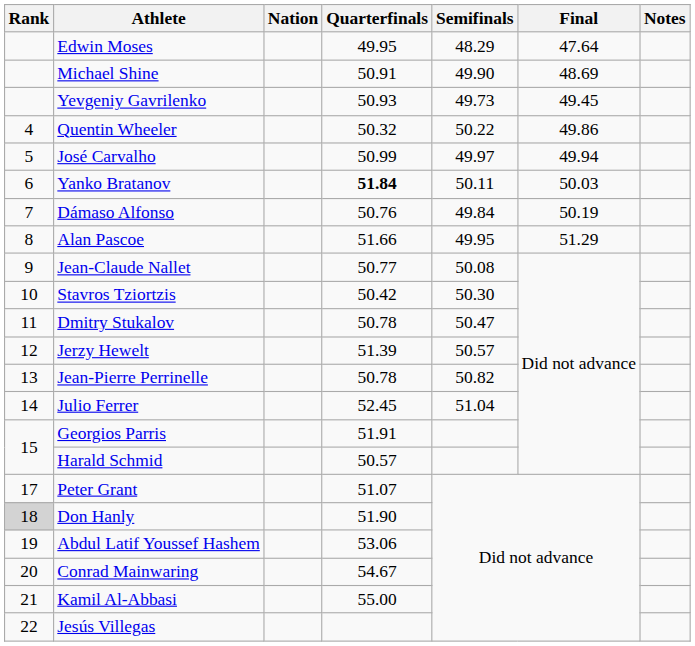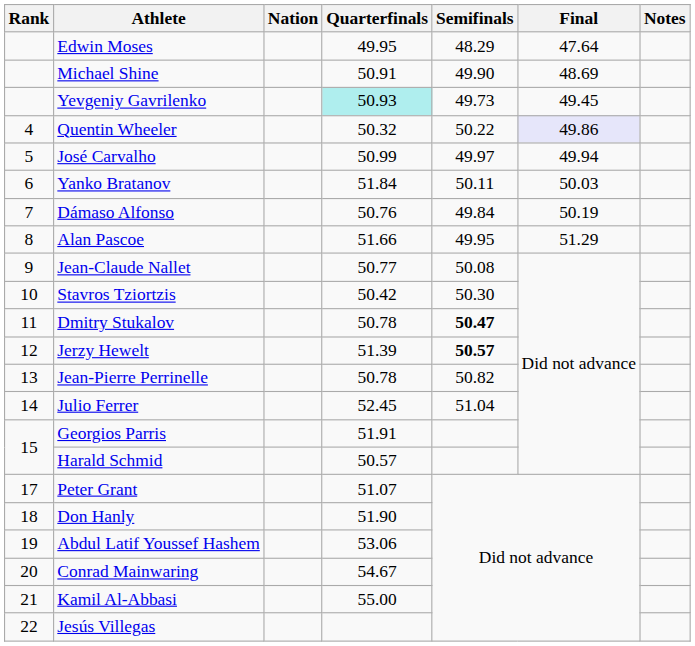 <table class="wikitable sortable" style="text-align:center">
 <tr>
 <th>Rank</th>
 <th>Athlete</th>
 <th>Nation</th>
 <th>Quarterfinals</th>
 <th>Semifinals</th>
 <th>Final</th>
 <th>Notes</th>
 </tr>
 <tr>
 <td></td>
 <td align=left><a href='#'>Edwin Moses</a></td>
 <td align=left></td>
 <td>49.95</td>
 <td>48.29</td>
 <td>47.64</td>
 <td></td>
 </tr>
 <tr>
 <td></td>
 <td align=left><a href='#'>Michael Shine</a></td>
 <td align=left></td>
 <td>50.91</td>
 <td>49.90</td>
 <td>48.69</td>
 <td></td>
 </tr>
 <tr>
 <td></td>
 <td align=left><a href='#'>Yevgeniy Gavrilenko</a></td>
 <td align=left></td>
-<td>50.93</td>
+<td style="background: paleturquoise;">50.93</td>
 <td>49.73</td>
 <td>49.45</td>
 <td></td>
 </tr>
 <tr>
 <td>4</td>
 <td align=left><a href='#'>Quentin Wheeler</a></td>
 <td align=left></td>
 <td>50.32</td>
 <td>50.22</td>
-<td>49.86</td>
+<td style="background: lavender;">49.86</td>
 <td></td>
 </tr>
 <tr>
 <td>5</td>
 <td align=left><a href='#'>José Carvalho</a></td>
 <td align=left></td>
 <td>50.99</td>
 <td>49.97</td>
 <td>49.94</td>
 <td></td>
 </tr>
 <tr>
 <td>6</td>
 <td align=left><a href='#'>Yanko Bratanov</a></td>
 <td align=left></td>
-<td><strong>51.84</strong></td>
+<td>51.84</td>
 <td>50.11</td>
 <td>50.03</td>
 <td></td>
 </tr>
 <tr>
 <td>7</td>
 <td align=left><a href='#'>Dámaso Alfonso</a></td>
 <td align=left></td>
 <td>50.76</td>
 <td>49.84</td>
 <td>50.19</td>
 <td></td>
 </tr>
 <tr>
 <td>8</td>
 <td align=left><a href='#'>Alan Pascoe</a></td>
 <td align=left></td>
 <td>51.66</td>
 <td>49.95</td>
 <td>51.29</td>
 <td></td>
 </tr>
 <tr>
 <td>9</td>
 <td align=left><a href='#'>Jean-Claude Nallet</a></td>
 <td align=left></td>
 <td>50.77</td>
 <td>50.08</td>
 <td rowspan=8 data-sort-value=99.99>Did not advance</td>
 <td></td>
 </tr>
 <tr>
 <td>10</td>
 <td align=left><a href='#'>Stavros Tziortzis</a></td>
 <td align=left></td>
 <td>50.42</td>
 <td>50.30</td>
 <td></td>
 </tr>
 <tr>
 <td>11</td>
 <td align=left><a href='#'>Dmitry Stukalov</a></td>
 <td align=left></td>
 <td>50.78</td>
-<td>50.47</td>
+<td><strong>50.47</strong></td>
 <td></td>
 </tr>
 <tr>
 <td>12</td>
 <td align=left><a href='#'>Jerzy Hewelt</a></td>
 <td align=left></td>
 <td>51.39</td>
-<td>50.57</td>
+<td><strong>50.57</strong></td>
 <td></td>
 </tr>
 <tr>
 <td>13</td>
 <td align=left><a href='#'>Jean-Pierre Perrinelle</a></td>
 <td align=left></td>
 <td>50.78</td>
 <td>50.82</td>
 <td></td>
 </tr>
 <tr>
 <td>14</td>
 <td align=left><a href='#'>Julio Ferrer</a></td>
 <td align=left></td>
 <td>52.45</td>
 <td>51.04</td>
 <td></td>
 </tr>
 <tr>
 <td rowspan=2>15</td>
 <td align=left><a href='#'>Georgios Parris</a></td>
 <td align=left></td>
 <td>51.91</td>
 <td data-sort-value=70.00></td>
 <td></td>
 </tr>
 <tr>
 <td align=left><a href='#'>Harald Schmid</a></td>
 <td align=left></td>
 <td>50.57</td>
 <td data-sort-value=70.00></td>
 <td></td>
 </tr>
 <tr>
 <td>17</td>
 <td align=left><a href='#'>Peter Grant</a></td>
 <td align=left></td>
 <td>51.07</td>
 <td rowspan=6 colspan=2 data-sort-value=99.99>Did not advance</td>
 <td></td>
 </tr>
 <tr>
-<td style="background: lightgrey;">18</td>
+<td>18</td>
 <td align=left><a href='#'>Don Hanly</a></td>
 <td align=left></td>
 <td>51.90</td>
 <td></td>
 </tr>
 <tr>
 <td>19</td>
 <td align=left><a href='#'>Abdul Latif Youssef Hashem</a></td>
 <td align=left></td>
 <td>53.06</td>
 <td></td>
 </tr>
 <tr>
 <td>20</td>
 <td align=left><a href='#'>Conrad Mainwaring</a></td>
 <td align=left></td>
 <td>54.67</td>
 <td></td>
 </tr>
 <tr>
 <td>21</td>
 <td align=left><a href='#'>Kamil Al-Abbasi</a></td>
 <td align=left></td>
 <td>55.00</td>
 <td></td>
 </tr>
 <tr>
 <td>22</td>
 <td align=left><a href='#'>Jesús Villegas</a></td>
 <td align=left></td>
 <td data-sort-value=70.00></td>
 <td></td>
 </tr>
 </table>
